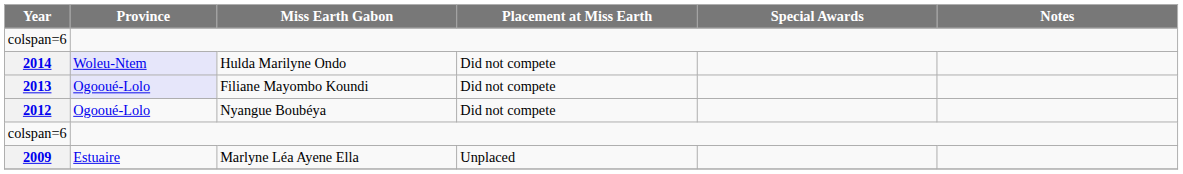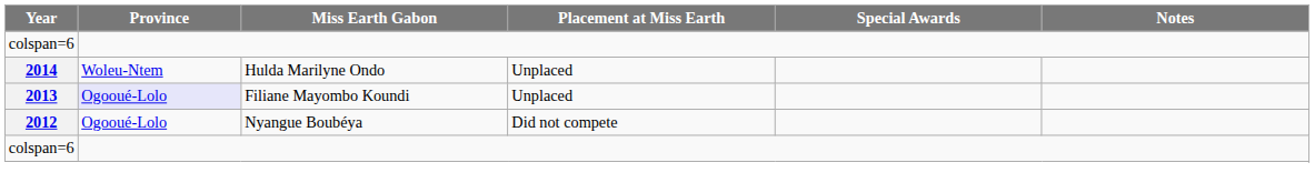 <table class="wikitable " style="font-size: 95%;">
 <tr>
 <th width="60" style="background-color:#787878;color:#FFFFFF;">Year</th>
 <th width="150" style="background-color:#787878;color:#FFFFFF;">Province</th>
 <th width="250" style="background-color:#787878;color:#FFFFFF;">Miss Earth Gabon</th>
 <th width="250" style="background-color:#787878;color:#FFFFFF;">Placement at Miss Earth</th>
 <th width="250" style="background-color:#787878;color:#FFFFFF;">Special Awards</th>
 <th width="250" style="background-color:#787878;color:#FFFFFF;">Notes</th>
 </tr>
 <tr>
 <td>colspan=6 </td>
 </tr>
 <tr>
 <th><a href='#'>2014</a></th>
-<td style="background: lavender;"><a href='#'>Woleu-Ntem</a></td>
+<td><a href='#'>Woleu-Ntem</a></td>
 <td>Hulda Marilyne Ondo</td>
-<td>Did not compete</td>
+<td>Unplaced</td>
 <td></td>
 <td></td>
 </tr>
 <tr>
 <th><a href='#'>2013</a></th>
 <td style="background: lavender;"><a href='#'>Ogooué-Lolo</a></td>
 <td>Filiane Mayombo Koundi</td>
-<td>Did not compete</td>
+<td>Unplaced</td>
 <td></td>
 <td></td>
 </tr>
 <tr>
 <th><a href='#'>2012</a></th>
 <td><a href='#'>Ogooué-Lolo</a></td>
 <td>Nyangue Boubéya</td>
 <td>Did not compete</td>
 <td></td>
 <td></td>
 </tr>
 <tr>
 <td>colspan=6 </td>
 </tr>
 <tr>
-<th><a href='#'>2009</a></th>
-<td><a href='#'>Estuaire</a></td>
-<td>Marlyne Léa Ayene Ella</td>
-<td>Unplaced</td>
-<td></td>
-<td></td>
-</tr>
-<tr>
 </tr>
 </table>
